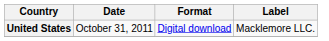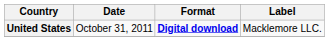 <table class="wikitable plainrowheaders">
 <tr>
 <th scope="col">Country</th>
 <th scope="col">Date</th>
 <th scope="col">Format</th>
 <th scope="col">Label</th>
 </tr>
 <tr>
 <th scope="row">United States</th>
 <td>October 31, 2011</td>
-<td><a href='#'>Digital download</a></td>
+<td><strong><a href='#'>Digital download</a></strong></td>
 <td>Macklemore LLC.</td>
 </tr>
 <tr>
 </tr>
 </table>
